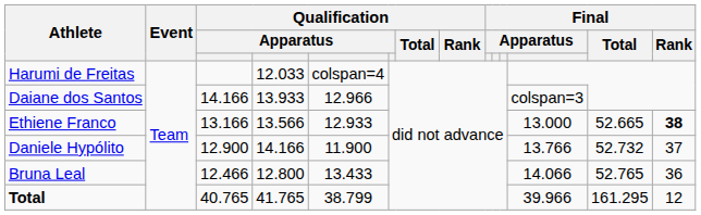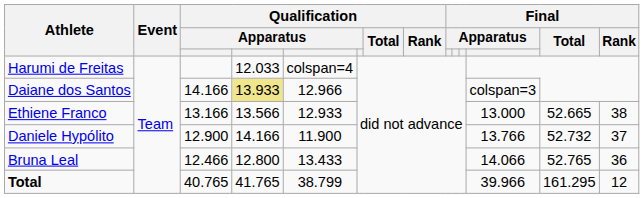 <table class="wikitable" style="font-size:90%">
 <tr>
 <th rowspan=3>Athlete</th>
 <th rowspan=3>Event</th>
 <th colspan=6>Qualification</th>
 <th colspan=6>Final</th>
 </tr>
 <tr style="font-size:95%">
 <th colspan=4>Apparatus</th>
 <th rowspan=2>Total</th>
 <th rowspan=2>Rank</th>
 <th colspan=4>Apparatus</th>
 <th rowspan=2>Total</th>
 <th rowspan=2>Rank</th>
 </tr>
 <tr style="font-size:95%">
 <th></th>
 <th></th>
 <th></th>
 <th></th>
 <th></th>
 <th></th>
 <th></th>
 <th></th>
 </tr>
 <tr align=center>
 <td align=left><a href='#'>Harumi de Freitas</a></td>
 <td align=left rowspan=6><a href='#'>Team</a></td>
 <td></td>
 <td>12.033</td>
 <td>colspan=4 </td>
 <td colspan=6 rowspan=6>did not advance</td>
 </tr>
 <tr align=center>
 <td align=left><a href='#'>Daiane dos Santos</a></td>
 <td>14.166</td>
-<td>13.933</td>
+<td style="background: khaki;">13.933</td>
 <td>12.966</td>
 <td>colspan=3 </td>
 </tr>
 <tr align=center>
 <td align=left><a href='#'>Ethiene Franco</a></td>
 <td>13.166</td>
 <td>13.566</td>
 <td>12.933</td>
 <td>13.000</td>
 <td>52.665</td>
-<td><strong>38</strong></td>
+<td>38</td>
 </tr>
 <tr align=center>
 <td align=left><a href='#'>Daniele Hypólito</a></td>
 <td>12.900</td>
 <td>14.166</td>
 <td>11.900</td>
 <td>13.766</td>
 <td>52.732</td>
 <td>37</td>
 </tr>
 <tr align=center>
 <td align=left><a href='#'>Bruna Leal</a></td>
 <td>12.466</td>
 <td>12.800</td>
 <td>13.433</td>
 <td>14.066</td>
 <td>52.765</td>
 <td>36</td>
 </tr>
 <tr align=center>
 <td align=left><strong>Total</strong></td>
 <td>40.765</td>
 <td>41.765</td>
 <td>38.799</td>
 <td>39.966</td>
 <td>161.295</td>
 <td>12</td>
 </tr>
 </table>
